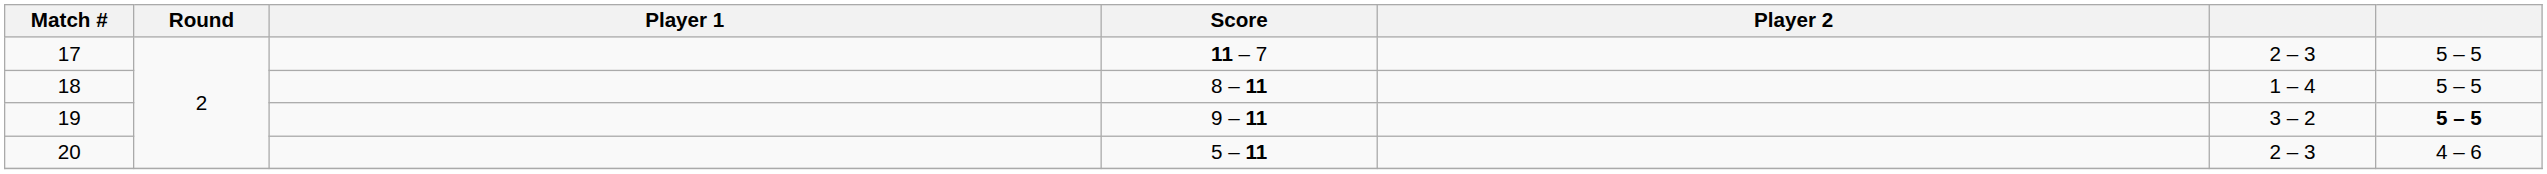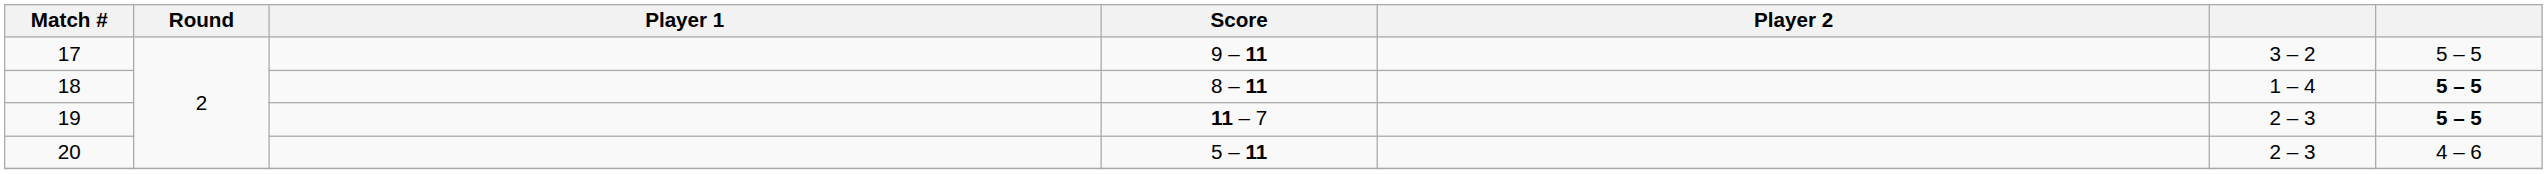 <table class="wikitable">
 <tr>
 <th width="2%">Match #</th>
 <th width="2%">Round</th>
 <th width="15%">Player 1</th>
 <th width="5%">Score</th>
 <th width="15%">Player 2</th>
 <th width="3%"></th>
 <th width="3%"></th>
 </tr>
 <tr style=text-align:center;"background:#;">
 <td>17</td>
 <td rowspan=4>2</td>
 <td></td>
-<td><strong>11</strong> – 7</td>
+<td>9 – <strong>11</strong></td>
 <td></td>
-<td>2 – 3</td>
+<td>3 – 2</td>
 <td>5 – 5</td>
 </tr>
 <tr style=text-align:center;"background:#;">
 <td>18</td>
 <td></td>
 <td>8 – <strong>11</strong></td>
 <td></td>
 <td>1 – 4</td>
-<td>5 – 5</td>
+<td><strong>5 – 5</strong></td>
 </tr>
 <tr style=text-align:center;"background:#;">
 <td>19</td>
 <td></td>
-<td>9 – <strong>11</strong></td>
+<td><strong>11</strong> – 7</td>
 <td></td>
-<td>3 – 2</td>
+<td>2 – 3</td>
 <td><strong>5 – 5</strong></td>
 </tr>
 <tr style=text-align:center;"background:#;">
 <td>20</td>
 <td></td>
 <td>5 – <strong>11</strong></td>
 <td></td>
 <td>2 – 3</td>
 <td>4 – 6</td>
 </tr>
 <tr style=text-align:center;"background:#;">
 </tr>
 </table>
